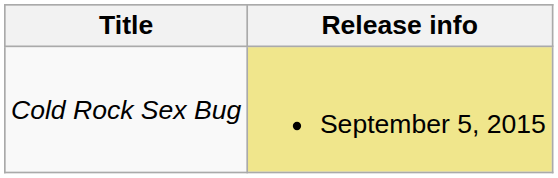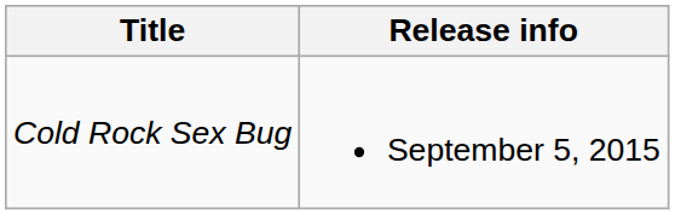 <table class="wikitable">
 <tr>
 <th>Title</th>
 <th>Release info</th>
 </tr>
 <tr>
 <td><em>Cold Rock Sex Bug</em></td>
-<td style="background: khaki;"><br><ul><li>September 5, 2015</li></ul></td>
+<td><br><ul><li>September 5, 2015</li></ul></td>
 </tr>
 </table>
